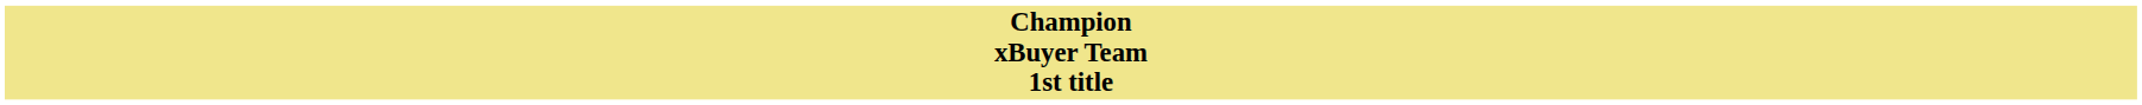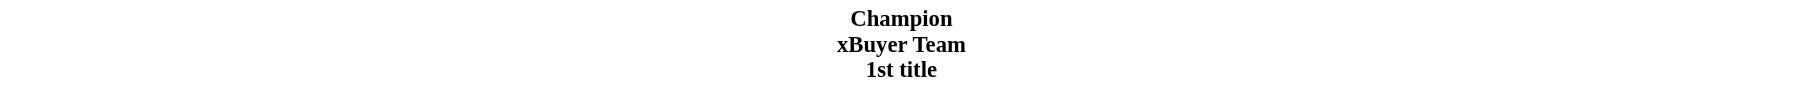 <table width="100%" cellspacing="0">
 <tr>
 <td align="center"></td>
 </tr>
 <tr>
-<td align="center" style="background: khaki;"><strong>Champion<br>xBuyer Team<br>1st title</strong></td>
+<td align="center"><strong>Champion<br>xBuyer Team<br>1st title</strong></td>
 </tr>
 </table>
